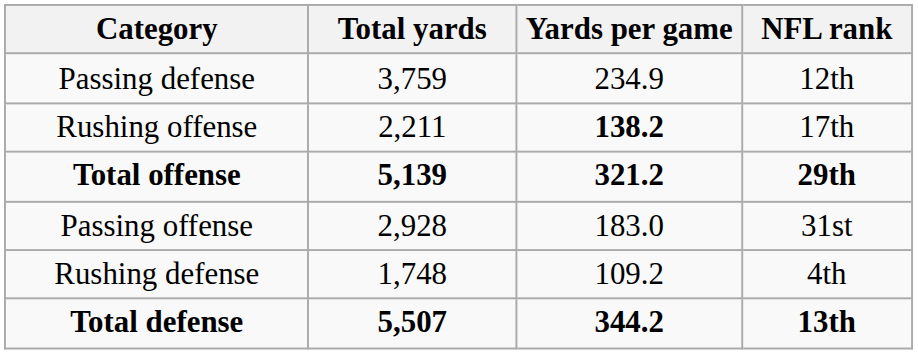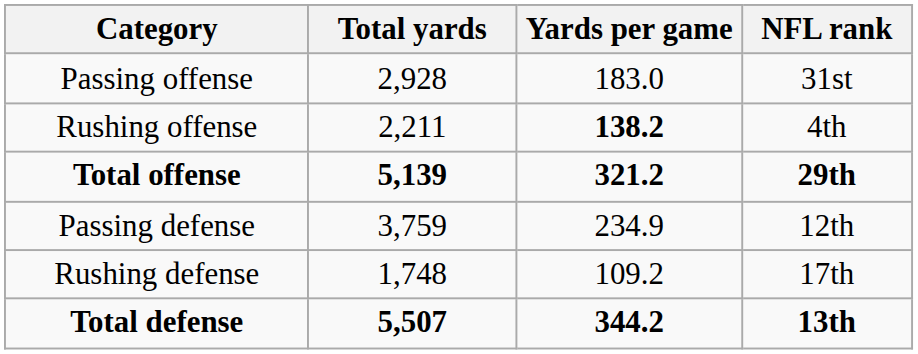 <table class="wikitable" style="text-align:center">
 <tr>
 <th width=150px>Category</th>
 <th width=100px>Total yards</th>
 <th width=110px>Yards per game</th>
 <th width=80px>NFL rank<br></th>
 </tr>
 <tr>
-<td>Passing defense</td>
-<td>3,759</td>
-<td>234.9</td>
-<td>12th</td>
+<td>Passing offense</td>
+<td>2,928</td>
+<td>183.0</td>
+<td>31st</td>
 </tr>
 <tr>
 <td>Rushing offense</td>
 <td>2,211</td>
 <td><strong>138.2</strong></td>
-<td>17th</td>
+<td>4th</td>
 </tr>
 <tr>
 <td><strong>Total offense</strong></td>
 <td><strong>5,139</strong></td>
 <td><strong>321.2</strong></td>
 <td><strong>29th</strong></td>
 </tr>
 <tr>
-<td>Passing offense</td>
-<td>2,928</td>
-<td>183.0</td>
-<td>31st</td>
+<td>Passing defense</td>
+<td>3,759</td>
+<td>234.9</td>
+<td>12th</td>
 </tr>
 <tr>
 <td>Rushing defense</td>
 <td>1,748</td>
 <td>109.2</td>
-<td>4th</td>
+<td>17th</td>
 </tr>
 <tr>
 <td><strong>Total defense</strong></td>
 <td><strong>5,507</strong></td>
 <td><strong>344.2</strong></td>
 <td><strong>13th</strong></td>
 </tr>
 </table>
